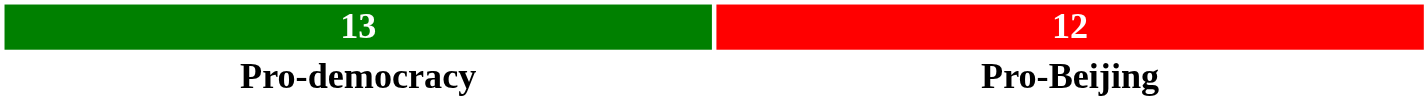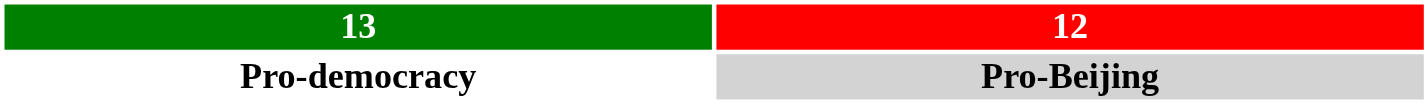 <table style="width:50%; text-align:center;">
 <tr style="color:white;">
 <td style="background:green; width:50%;"><strong>13</strong></td>
 <td style="background:red; width:50%;"><strong>12</strong></td>
 </tr>
 <tr>
 <td><span><strong>Pro-democracy</strong></span></td>
-<td><span><strong>Pro-Beijing</strong></span></td>
+<td style="background: lightgrey;"><span><strong>Pro-Beijing</strong></span></td>
 </tr>
 </table>
